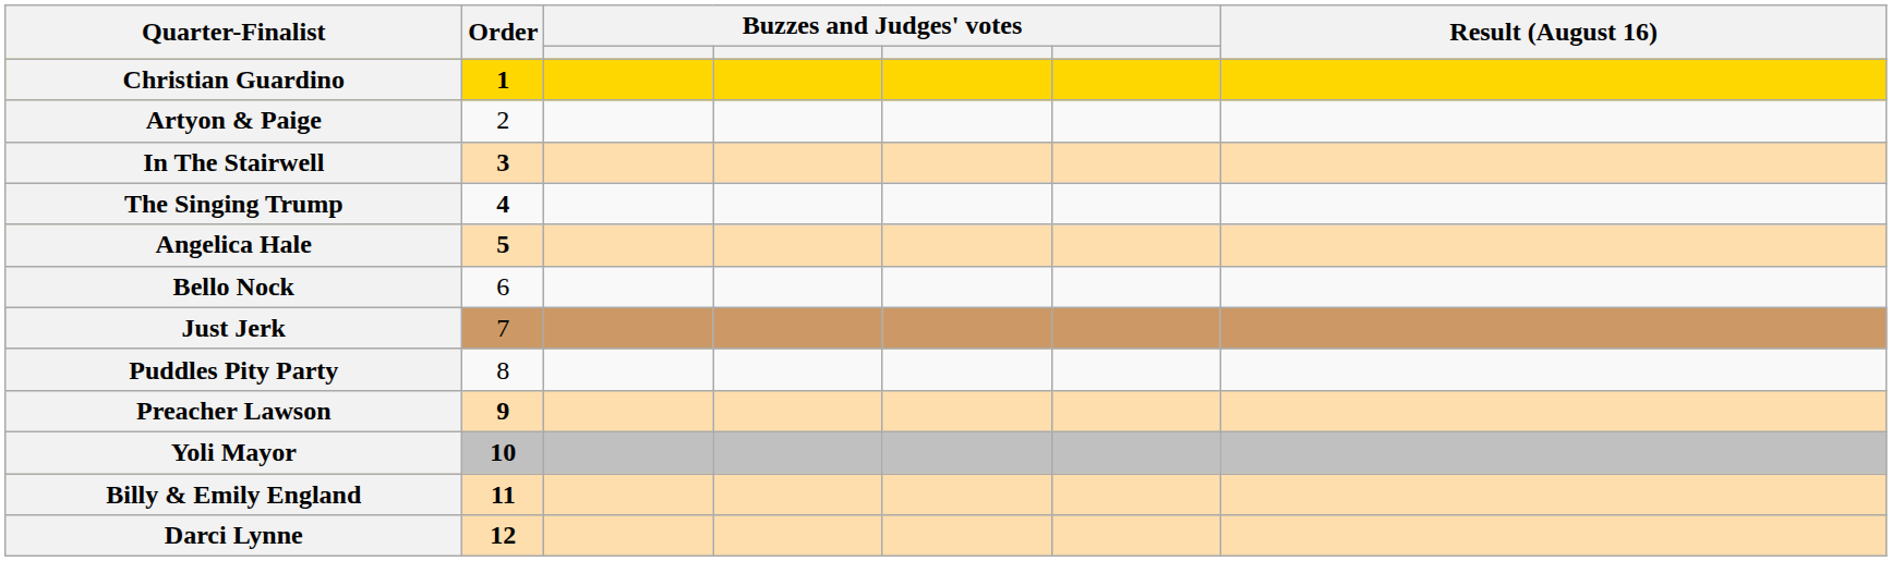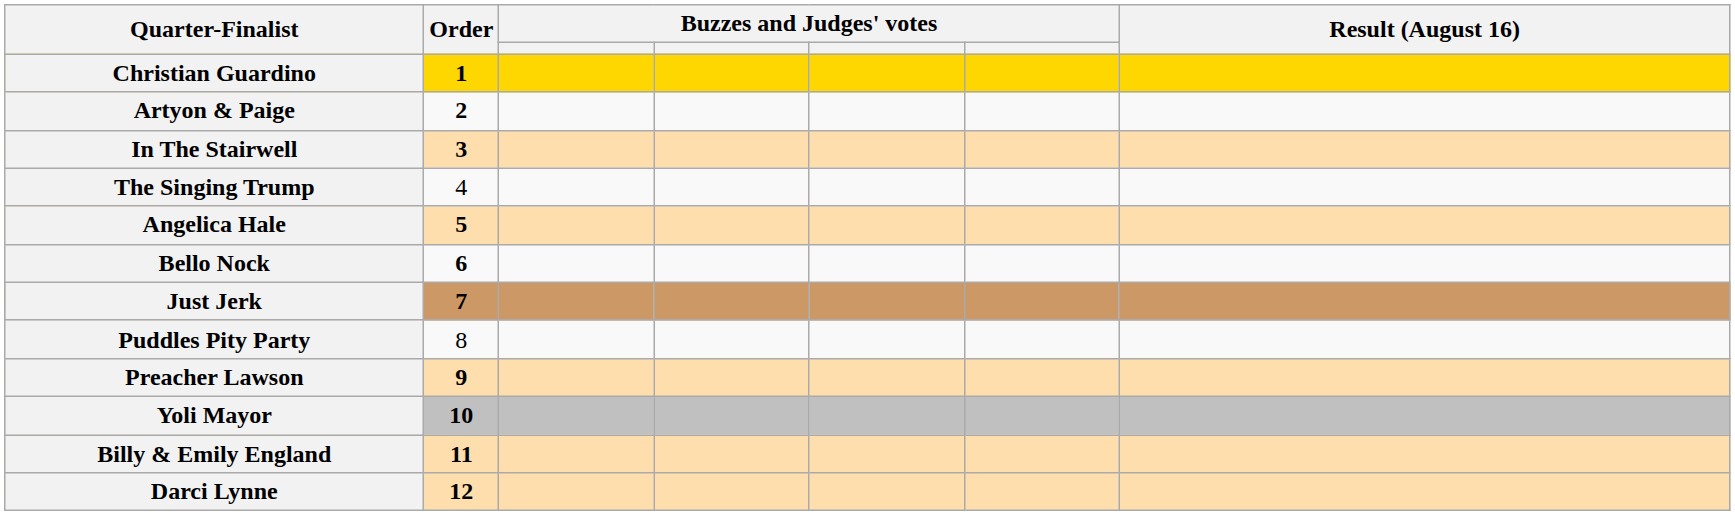 <table class="wikitable plainrowheaders sortable" style="text-align:center;">
 <tr>
 <th scope="col" rowspan="2" class="unsortable" style="width:17em;">Quarter-Finalist</th>
 <th scope="col" rowspan="2" style="width:1em;">Order</th>
 <th scope="col" colspan="4" class="unsortable" style="width:24em;">Buzzes and Judges' votes</th>
 <th scope="col" rowspan="2" style="width:25em;">Result (August 16)</th>
 </tr>
 <tr>
 <th scope="col" class="unsortable" style="width:6em;"></th>
 <th scope="col" class="unsortable" style="width:6em;"></th>
 <th scope="col" class="unsortable" style="width:6em;"></th>
 <th scope="col" class="unsortable" style="width:6em;"></th>
 </tr>
 <tr style="background:gold;">
 <th scope="row"><strong>Christian Guardino</strong></th>
 <td><strong>1</strong></td>
 <td style="text-align:center;"></td>
 <td style="text-align:center;"></td>
 <td style="text-align:center;"></td>
 <td style="text-align:center;"></td>
 <td><strong></strong></td>
 </tr>
 <tr>
 <th scope="row">Artyon & Paige</th>
-<td>2</td>
+<td><strong>2</strong></td>
 <td style="text-align:center;"></td>
 <td style="text-align:center;"></td>
 <td style="text-align:center;"></td>
 <td style="text-align:center;"></td>
 <td></td>
 </tr>
 <tr style="background:NavajoWhite;">
 <th scope="row"><strong>In The Stairwell</strong></th>
 <td><strong>3</strong></td>
 <td style="text-align:center;"></td>
 <td style="text-align:center;"></td>
 <td style="text-align:center;"></td>
 <td style="text-align:center;"></td>
 <td><strong></strong></td>
 </tr>
 <tr>
 <th scope="row">The Singing Trump</th>
-<td><strong>4</strong></td>
+<td>4</td>
 <td style="text-align:center;"></td>
 <td style="text-align:center;"></td>
 <td style="text-align:center;"></td>
 <td style="text-align:center;"></td>
 <td></td>
 </tr>
 <tr style="background:NavajoWhite;">
 <th scope="row"><strong>Angelica Hale</strong></th>
 <td><strong>5</strong></td>
 <td style="text-align:center;"></td>
 <td style="text-align:center;"></td>
 <td style="text-align:center;"></td>
 <td style="text-align:center;"></td>
 <td><strong></strong></td>
 </tr>
 <tr>
 <th scope="row">Bello Nock</th>
-<td>6</td>
+<td><strong>6</strong></td>
 <td style="text-align:center;"></td>
 <td style="text-align:center;"></td>
 <td style="text-align:center;"></td>
 <td style="text-align:center;"></td>
 <td></td>
 </tr>
 <tr style="background:#c96;">
 <th scope="row">Just Jerk</th>
-<td>7</td>
+<td><strong>7</strong></td>
 <td style="text-align:center;"></td>
 <td style="text-align:center;"></td>
 <td style="text-align:center;"></td>
 <td style="text-align:center;"></td>
 <td></td>
 </tr>
 <tr>
 <th scope="row">Puddles Pity Party</th>
 <td>8</td>
 <td style="text-align:center;"></td>
 <td style="text-align:center;"></td>
 <td style="text-align:center;"></td>
 <td style="text-align:center;"></td>
 <td></td>
 </tr>
 <tr style="background:NavajoWhite;">
 <th scope="row"><strong>Preacher Lawson</strong></th>
 <td><strong>9</strong></td>
 <td style="text-align:center;"></td>
 <td style="text-align:center;"></td>
 <td style="text-align:center;"></td>
 <td style="text-align:center;"></td>
 <td><strong></strong></td>
 </tr>
 <tr style="background:silver;">
 <th scope="row"><strong>Yoli Mayor</strong></th>
 <td><strong>10</strong></td>
 <td style="text-align:center;"></td>
 <td style="text-align:center;"></td>
 <td style="text-align:center;"></td>
 <td style="text-align:center;"></td>
 <td><strong></strong></td>
 </tr>
 <tr style="background:NavajoWhite;">
 <th scope="row"><strong>Billy & Emily England</strong></th>
 <td><strong>11</strong></td>
 <td style="text-align:center;"></td>
 <td style="text-align:center;"></td>
 <td style="text-align:center;"></td>
 <td style="text-align:center;"></td>
 <td><strong></strong></td>
 </tr>
 <tr style="background:NavajoWhite;">
 <th scope="row"><strong>Darci Lynne</strong></th>
 <td><strong>12</strong></td>
 <td style="text-align:center;"></td>
 <td style="text-align:center;"></td>
 <td style="text-align:center;"></td>
 <td style="text-align:center;"></td>
 <td><strong></strong></td>
 </tr>
 </table>
